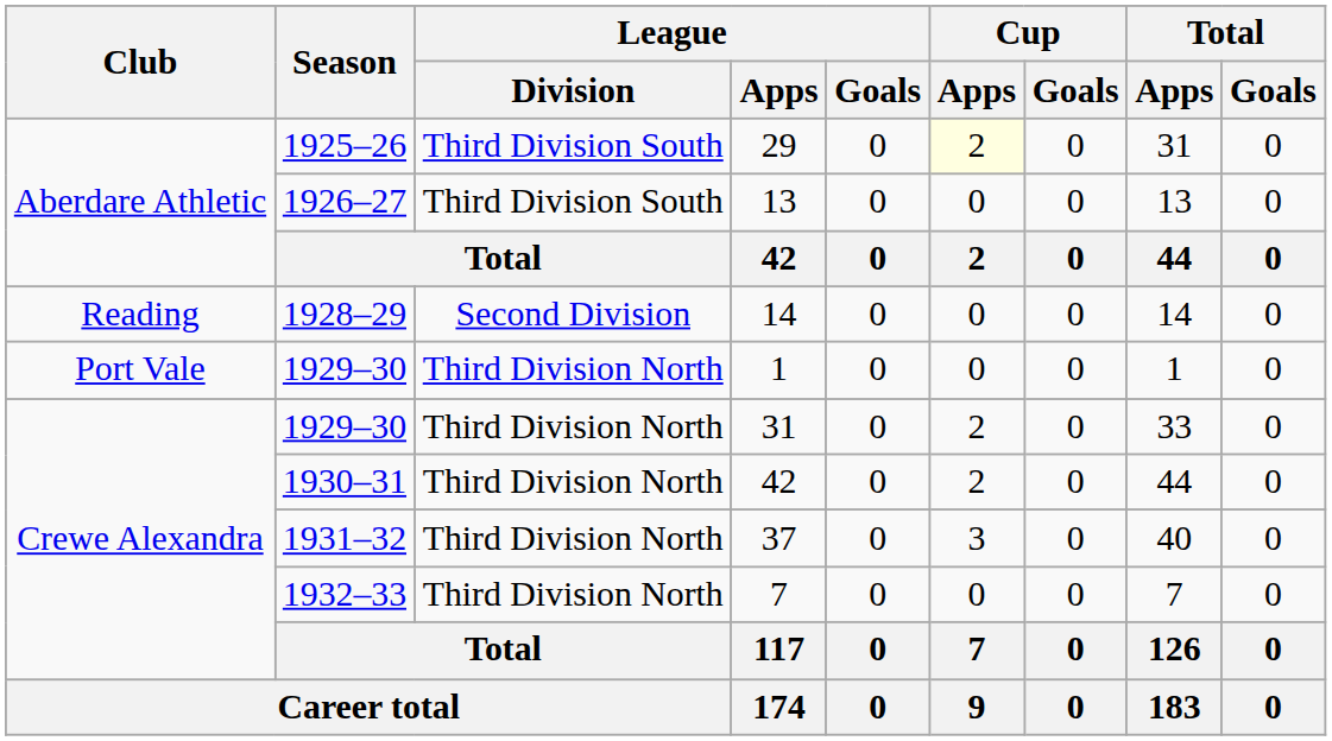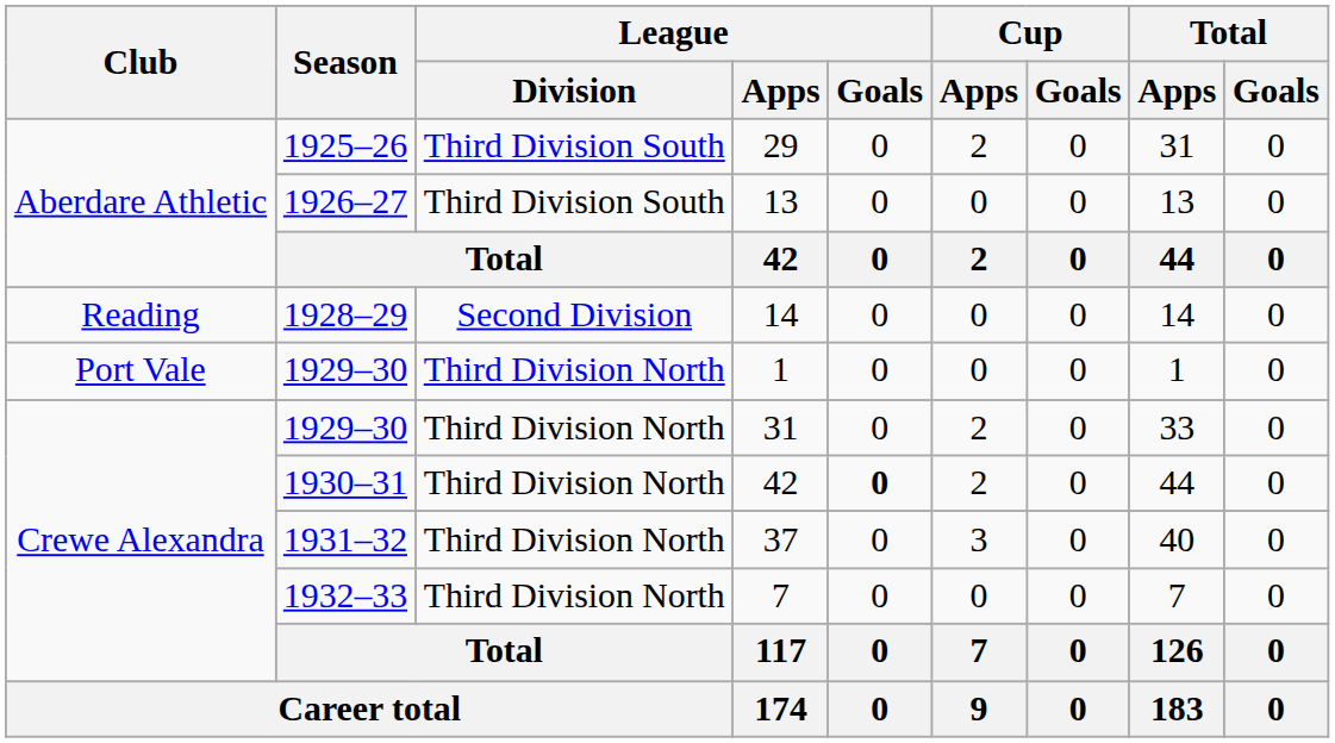 <table class="wikitable" style="text-align: center;">
 <tr>
 <th rowspan="2">Club</th>
 <th rowspan="2">Season</th>
 <th colspan="3">League</th>
 <th colspan="2">Cup</th>
 <th colspan="2">Total</th>
 </tr>
 <tr>
 <th>Division</th>
 <th>Apps</th>
 <th>Goals</th>
 <th>Apps</th>
 <th>Goals</th>
 <th>Apps</th>
 <th>Goals</th>
 </tr>
 <tr>
 <td rowspan="3"><a href='#'>Aberdare Athletic</a></td>
 <td><a href='#'>1925–26</a></td>
 <td><a href='#'>Third Division South</a></td>
 <td>29</td>
 <td>0</td>
-<td style="background: lightyellow;">2</td>
+<td>2</td>
 <td>0</td>
 <td>31</td>
 <td>0</td>
 </tr>
 <tr>
 <td><a href='#'>1926–27</a></td>
 <td>Third Division South</td>
 <td>13</td>
 <td>0</td>
 <td>0</td>
 <td>0</td>
 <td>13</td>
 <td>0</td>
 </tr>
 <tr>
 <th colspan="2">Total</th>
 <th>42</th>
 <th>0</th>
 <th>2</th>
 <th>0</th>
 <th>44</th>
 <th>0</th>
 </tr>
 <tr>
 <td><a href='#'>Reading</a></td>
 <td><a href='#'>1928–29</a></td>
 <td><a href='#'>Second Division</a></td>
 <td>14</td>
 <td>0</td>
 <td>0</td>
 <td>0</td>
 <td>14</td>
 <td>0</td>
 </tr>
 <tr>
 <td><a href='#'>Port Vale</a></td>
 <td><a href='#'>1929–30</a></td>
 <td><a href='#'>Third Division North</a></td>
 <td>1</td>
 <td>0</td>
 <td>0</td>
 <td>0</td>
 <td>1</td>
 <td>0</td>
 </tr>
 <tr>
 <td rowspan="5"><a href='#'>Crewe Alexandra</a></td>
 <td><a href='#'>1929–30</a></td>
 <td>Third Division North</td>
 <td>31</td>
 <td>0</td>
 <td>2</td>
 <td>0</td>
 <td>33</td>
 <td>0</td>
 </tr>
 <tr>
 <td><a href='#'>1930–31</a></td>
 <td>Third Division North</td>
 <td>42</td>
-<td>0</td>
+<td><strong>0</strong></td>
 <td>2</td>
 <td>0</td>
 <td>44</td>
 <td>0</td>
 </tr>
 <tr>
 <td><a href='#'>1931–32</a></td>
 <td>Third Division North</td>
 <td>37</td>
 <td>0</td>
 <td>3</td>
 <td>0</td>
 <td>40</td>
 <td>0</td>
 </tr>
 <tr>
 <td><a href='#'>1932–33</a></td>
 <td>Third Division North</td>
 <td>7</td>
 <td>0</td>
 <td>0</td>
 <td>0</td>
 <td>7</td>
 <td>0</td>
 </tr>
 <tr>
 <th colspan="2">Total</th>
 <th>117</th>
 <th>0</th>
 <th>7</th>
 <th>0</th>
 <th>126</th>
 <th>0</th>
 </tr>
 <tr>
 <th colspan="3">Career total</th>
 <th>174</th>
 <th>0</th>
 <th>9</th>
 <th>0</th>
 <th>183</th>
 <th>0</th>
 </tr>
 </table>
